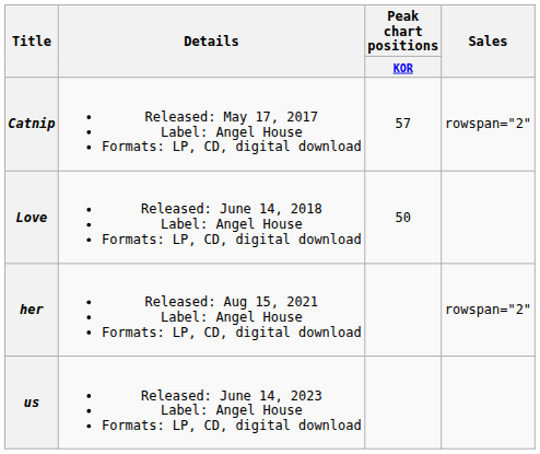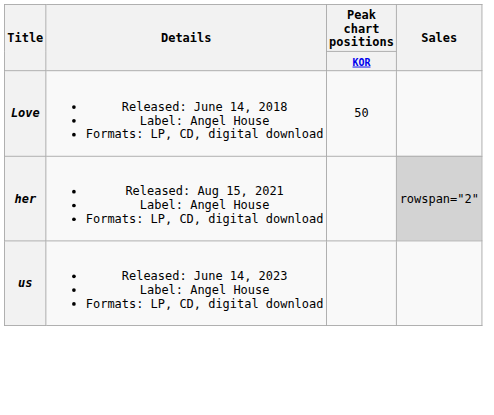 <table class="wikitable plainrowheaders" style="text-align:center;">
 <tr>
 <th scope="col" rowspan="2">Title</th>
 <th scope="col" rowspan="2">Details</th>
 <th scope="col" colspan="1" style="width:5em;">Peak chart positions</th>
 <th scope="col" rowspan="2">Sales</th>
 </tr>
 <tr>
 <th><small><a href='#'>KOR</a></small><br></th>
 </tr>
 <tr>
-<th scope="row"><em>Catnip</em></th>
-<td><br><ul><li>Released: May 17, 2017</li><li>Label: Angel House</li><li>Formats: LP, CD, digital download</li></ul></td>
-<td>57</td>
-<td>rowspan="2" </td>
-</tr>
-<tr>
 <th scope="row"><em>Love</em></th>
 <td><br><ul><li>Released: June 14, 2018</li><li>Label: Angel House</li><li>Formats: LP, CD, digital download</li></ul></td>
 <td>50</td>
 </tr>
 <tr>
 <th scope="row"><em>her</em></th>
 <td><br><ul><li>Released: Aug 15, 2021</li><li>Label: Angel House</li><li>Formats: LP, CD, digital download</li></ul></td>
 <td></td>
-<td>rowspan="2" </td>
+<td style="background: lightgrey;">rowspan="2" </td>
 </tr>
 <tr>
 <th scope="row"><em>us</em></th>
 <td><br><ul><li>Released: June 14, 2023</li><li>Label: Angel House</li><li>Formats: LP, CD, digital download</li></ul></td>
 <td></td>
 </tr>
 </table>
